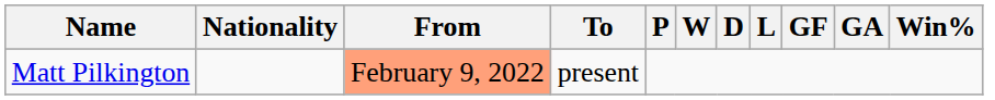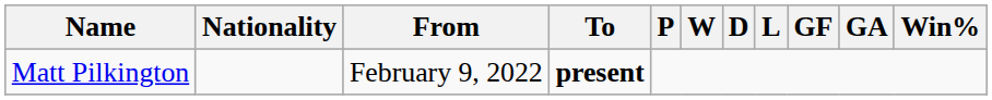 <table class="wikitable plainrowheaders sortable" style="text-align:center">
 <tr>
 <th>Name</th>
 <th>Nationality</th>
 <th>From</th>
 <th class="unsortable">To</th>
 <th>P</th>
 <th>W</th>
 <th>D</th>
 <th>L</th>
 <th>GF</th>
 <th>GA</th>
 <th>Win%</th>
 </tr>
 <tr>
 <td scope=row style=text-align:left><a href='#'>Matt Pilkington</a></td>
 <td align=left></td>
-<td align=left style="background: lightsalmon;">February 9, 2022</td>
-<td align=left>present<br></td>
+<td align=left>February 9, 2022</td>
+<td align=left><strong>present<br></strong></td>
 </tr>
 </table>
